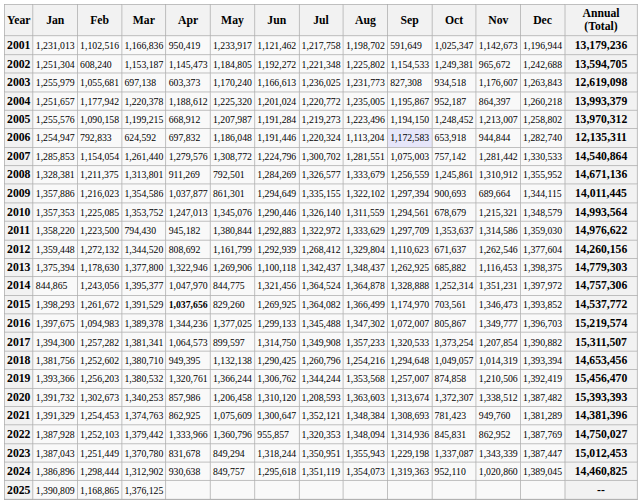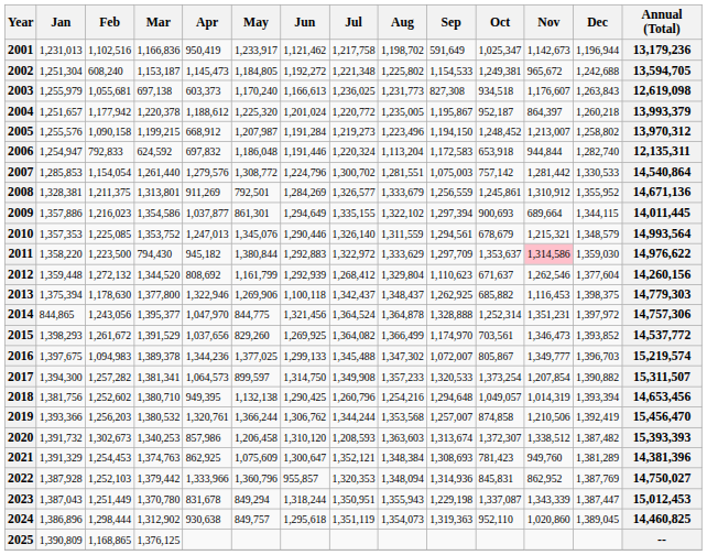 <table class="wikitable">
 <tr>
 <th>Year</th>
 <th>Jan</th>
 <th>Feb</th>
 <th>Mar</th>
 <th>Apr</th>
 <th>May</th>
 <th>Jun</th>
 <th>Jul</th>
 <th>Aug</th>
 <th>Sep</th>
 <th>Oct</th>
 <th>Nov</th>
 <th>Dec</th>
 <th>Annual (Total)</th>
 </tr>
 <tr>
 <th>2001</th>
 <td><small>1,231,013</small></td>
 <td><small>1,102,516</small></td>
 <td><small>1,166,836</small></td>
 <td><small>950,419</small></td>
 <td><small>1,233,917</small></td>
 <td><small>1,121,462</small></td>
 <td><small>1,217,758</small></td>
 <td><small>1,198,702</small></td>
 <td><small>591,649</small></td>
 <td><small>1,025,347</small></td>
 <td><small>1,142,673</small></td>
 <td><small>1,196,944</small></td>
 <th>13,179,236</th>
 </tr>
 <tr>
 <th>2002</th>
 <td><small>1,251,304</small></td>
 <td><small>608,240</small></td>
 <td><small>1,153,187</small></td>
 <td><small>1,145,473</small></td>
 <td><small>1,184,805</small></td>
 <td><small>1,192,272</small></td>
 <td><small>1,221,348</small></td>
 <td><small>1,225,802</small></td>
 <td><small>1,154,533</small></td>
 <td><small>1,249,381</small></td>
 <td><small>965,672</small></td>
 <td><small>1,242,688</small></td>
 <th>13,594,705</th>
 </tr>
 <tr>
 <th>2003</th>
 <td><small>1,255,979</small></td>
 <td><small>1,055,681</small></td>
 <td><small>697,138</small></td>
 <td><small>603,373</small></td>
 <td><small>1,170,240</small></td>
 <td><small>1,166,613</small></td>
 <td><small>1,236,025</small></td>
 <td><small>1,231,773</small></td>
 <td><small>827,308</small></td>
 <td><small>934,518</small></td>
 <td><small>1,176,607</small></td>
 <td><small>1,263,843</small></td>
 <th>12,619,098</th>
 </tr>
 <tr>
 <th>2004</th>
 <td><small>1,251,657</small></td>
 <td><small>1,177,942</small></td>
 <td><small>1,220,378</small></td>
 <td><small>1,188,612</small></td>
 <td><small>1,225,320</small></td>
 <td><small>1,201,024</small></td>
 <td><small>1,220,772</small></td>
 <td><small>1,235,005</small></td>
 <td><small>1,195,867</small></td>
 <td><small>952,187</small></td>
 <td><small>864,397</small></td>
 <td><small>1,260,218</small></td>
 <th>13,993,379</th>
 </tr>
 <tr>
 <th>2005</th>
 <td><small>1,255,576</small></td>
 <td><small>1,090,158</small></td>
 <td><small>1,199,215</small></td>
 <td><small>668,912</small></td>
 <td><small>1,207,987</small></td>
 <td><small>1,191,284</small></td>
 <td><small>1,219,273</small></td>
 <td><small>1,223,496</small></td>
 <td><small>1,194,150</small></td>
 <td><small>1,248,452</small></td>
 <td><small>1,213,007</small></td>
 <td><small>1,258,802</small></td>
 <th>13,970,312</th>
 </tr>
 <tr>
 <th>2006</th>
 <td><small>1,254,947</small></td>
 <td><small>792,833</small></td>
 <td><small>624,592</small></td>
 <td><small>697,832</small></td>
 <td><small>1,186,048</small></td>
 <td><small>1,191,446</small></td>
 <td><small>1,220,324</small></td>
 <td><small>1,113,204</small></td>
-<td style="background: lavender;"><small>1,172,583</small></td>
+<td><small>1,172,583</small></td>
 <td><small>653,918</small></td>
 <td><small>944,844</small></td>
 <td><small>1,282,740</small></td>
 <th>12,135,311</th>
 </tr>
 <tr>
 <th>2007</th>
 <td><small>1,285,853</small></td>
 <td><small>1,154,054</small></td>
 <td><small>1,261,440</small></td>
 <td><small>1,279,576</small></td>
 <td><small>1,308,772</small></td>
 <td><small>1,224,796</small></td>
 <td><small>1,300,702</small></td>
 <td><small>1,281,551</small></td>
 <td><small>1,075,003</small></td>
 <td><small>757,142</small></td>
 <td><small>1,281,442</small></td>
 <td><small>1,330,533</small></td>
 <th>14,540,864</th>
 </tr>
 <tr>
 <th>2008</th>
 <td><small>1,328,381</small></td>
 <td><small>1,211,375</small></td>
 <td><small>1,313,801</small></td>
 <td><small>911,269</small></td>
 <td><small>792,501</small></td>
 <td><small>1,284,269</small></td>
 <td><small>1,326,577</small></td>
 <td><small>1,333,679</small></td>
 <td><small>1,256,559</small></td>
 <td><small>1,245,861</small></td>
 <td><small>1,310,912</small></td>
 <td><small>1,355,952</small></td>
 <th>14,671,136</th>
 </tr>
 <tr>
 <th>2009</th>
 <td><small>1,357,886</small></td>
 <td><small>1,216,023</small></td>
 <td><small>1,354,586</small></td>
 <td><small>1,037,877</small></td>
 <td><small>861,301</small></td>
 <td><small>1,294,649</small></td>
 <td><small>1,335,155</small></td>
 <td><small>1,322,102</small></td>
 <td><small>1,297,394</small></td>
 <td><small>900,693</small></td>
 <td><small>689,664</small></td>
 <td><small>1,344,115</small></td>
 <th>14,011,445</th>
 </tr>
 <tr>
 <th>2010</th>
 <td><small>1,357,353</small></td>
 <td><small>1,225,085</small></td>
 <td><small>1,353,752</small></td>
 <td><small>1,247,013</small></td>
 <td><small>1,345,076</small></td>
 <td><small>1,290,446</small></td>
 <td><small>1,326,140</small></td>
 <td><small>1,311,559</small></td>
 <td><small>1,294,561</small></td>
 <td><small>678,679</small></td>
 <td><small>1,215,321</small></td>
 <td><small>1,348,579</small></td>
 <th>14,993,564</th>
 </tr>
 <tr>
 <th>2011</th>
 <td><small>1,358,220</small></td>
 <td><small>1,223,500</small></td>
 <td><small>794,430</small></td>
 <td><small>945,182</small></td>
 <td><small>1,380,844</small></td>
 <td><small>1,292,883</small></td>
 <td><small>1,322,972</small></td>
 <td><small>1,333,629</small></td>
 <td><small>1,297,709</small></td>
 <td><small>1,353,637</small></td>
-<td><small>1,314,586</small></td>
+<td style="background: pink;"><small>1,314,586</small></td>
 <td><small>1,359,030</small></td>
 <th>14,976,622</th>
 </tr>
 <tr>
 <th>2012</th>
 <td><small>1,359,448</small></td>
 <td><small>1,272,132</small></td>
 <td><small>1,344,520</small></td>
 <td><small>808,692</small></td>
 <td><small>1,161,799</small></td>
 <td><small>1,292,939</small></td>
 <td><small>1,268,412</small></td>
 <td><small>1,329,804</small></td>
 <td><small>1,110,623</small></td>
 <td><small>671,637</small></td>
 <td><small>1,262,546</small></td>
 <td><small>1,377,604</small></td>
 <th>14,260,156</th>
 </tr>
 <tr>
 <th>2013</th>
 <td><small>1,375,394</small></td>
 <td><small>1,178,630</small></td>
 <td><small>1,377,800</small></td>
 <td><small>1,322,946</small></td>
 <td><small>1,269,906</small></td>
 <td><small>1,100,118</small></td>
 <td><small>1,342,437</small></td>
 <td><small>1,348,437</small></td>
 <td><small>1,262,925</small></td>
 <td><small>685,882</small></td>
 <td><small>1,116,453</small></td>
 <td><small>1,398,375</small></td>
 <th>14,779,303</th>
 </tr>
 <tr>
 <th>2014</th>
 <td><small>844,865</small></td>
 <td><small>1,243,056</small></td>
 <td><small>1,395,377</small></td>
 <td><small>1,047,970</small></td>
 <td><small>844,775</small></td>
 <td><small>1,321,456</small></td>
 <td><small>1,364,524</small></td>
 <td><small>1,364,878</small></td>
 <td><small>1,328,888</small></td>
 <td><small>1,252,314</small></td>
 <td><small>1,351,231</small></td>
 <td><small>1,397,972</small></td>
 <th>14,757,306</th>
 </tr>
 <tr>
 <th>2015</th>
 <td><small>1,398,293</small></td>
 <td><small>1,261,672</small></td>
 <td><small>1,391,529</small></td>
-<td><strong><small>1,037,656</small></strong></td>
+<td><small>1,037,656</small></td>
 <td><small>829,260</small></td>
 <td><small>1,269,925</small></td>
 <td><small>1,364,082</small></td>
 <td><small>1,366,499</small></td>
 <td><small>1,174,970</small></td>
 <td><small>703,561</small></td>
 <td><small>1,346,473</small></td>
 <td><small>1,393,852</small></td>
 <th>14,537,772</th>
 </tr>
 <tr>
 <th>2016</th>
 <td><small>1,397,675</small></td>
 <td><small>1,094,983</small></td>
 <td><small>1,389,378</small></td>
 <td><small>1,344,236</small></td>
 <td><small>1,377,025</small></td>
 <td><small>1,299,133</small></td>
 <td><small>1,345,488</small></td>
 <td><small>1,347,302</small></td>
 <td><small>1,072,007</small></td>
 <td><small>805,867</small></td>
 <td><small>1,349,777</small></td>
 <td><small>1,396,703</small></td>
 <th>15,219,574</th>
 </tr>
 <tr>
 <th>2017</th>
 <td><small>1,394,300</small></td>
 <td><small>1,257,282</small></td>
 <td><small>1,381,341</small></td>
 <td><small>1,064,573</small></td>
 <td><small>899,597</small></td>
 <td><small>1,314,750</small></td>
 <td><small>1,349,908</small></td>
 <td><small>1,357,233</small></td>
 <td><small>1,320,533</small></td>
 <td><small>1,373,254</small></td>
 <td><small>1,207,854</small></td>
 <td><small>1,390,882</small></td>
 <th>15,311,507</th>
 </tr>
 <tr>
 <th>2018</th>
 <td><small>1,381,756</small></td>
 <td><small>1,252,602</small></td>
 <td><small>1,380,710</small></td>
 <td><small>949,395</small></td>
 <td><small>1,132,138</small></td>
 <td><small>1,290,425</small></td>
 <td><small>1,260,796</small></td>
 <td><small>1,254,216</small></td>
 <td><small>1,294,648</small></td>
 <td><small>1,049,057</small></td>
 <td><small>1,014,319</small></td>
 <td><small>1,393,394</small></td>
 <th>14,653,456</th>
 </tr>
 <tr>
 <th>2019</th>
 <td><small>1,393,366</small></td>
 <td><small>1,256,203</small></td>
 <td><small>1,380,532</small></td>
 <td><small>1,320,761</small></td>
 <td><small>1,366,244</small></td>
 <td><small>1,306,762</small></td>
 <td><small>1,344,244</small></td>
 <td><small>1,353,568</small></td>
 <td><small>1,257,007</small></td>
 <td><small>874,858</small></td>
 <td><small>1,210,506</small></td>
 <td><small>1,392,419</small></td>
 <th>15,456,470</th>
 </tr>
 <tr>
 <th>2020</th>
 <td><small>1,391,732</small></td>
 <td><small>1,302,673</small></td>
 <td><small>1,340,253</small></td>
 <td><small>857,986</small></td>
 <td><small>1,206,458</small></td>
 <td><small>1,310,120</small></td>
 <td><small>1,208,593</small></td>
 <td><small>1,363,603</small></td>
 <td><small>1,313,674</small></td>
 <td><small>1,372,307</small></td>
 <td><small>1,338,512</small></td>
 <td><small>1,387,482</small></td>
 <th>15,393,393</th>
 </tr>
 <tr>
 <th>2021</th>
 <td><small>1,391,329</small></td>
 <td><small>1,254,453</small></td>
 <td><small>1,374,763</small></td>
 <td><small>862,925</small></td>
 <td><small>1,075,609</small></td>
 <td><small>1,300,647</small></td>
 <td><small>1,352,121</small></td>
 <td><small>1,348,384</small></td>
 <td><small>1,308,693</small></td>
 <td><small>781,423</small></td>
 <td><small>949,760</small></td>
 <td><small>1,381,289</small></td>
 <th>14,381,396</th>
 </tr>
 <tr>
 <th>2022</th>
 <td><small>1,387,928</small></td>
 <td><small>1,252,103</small></td>
 <td><small>1,379,442</small></td>
 <td><small>1,333,966</small></td>
 <td><small>1,360,796</small></td>
 <td><small>955,857</small></td>
 <td><small>1,320,353</small></td>
 <td><small>1,348,094</small></td>
 <td><small>1,314,936</small></td>
 <td><small>845,831</small></td>
 <td><small>862,952</small></td>
 <td><small>1,387,769</small></td>
 <th>14,750,027</th>
 </tr>
 <tr>
 <th>2023</th>
 <td><small>1,387,043</small></td>
 <td><small>1,251,449</small></td>
 <td><small>1,370,780</small></td>
 <td><small>831,678</small></td>
 <td><small>849,294</small></td>
 <td><small>1,318,244</small></td>
 <td><small>1,350,951</small></td>
 <td><small>1,355,943</small></td>
 <td><small>1,229,198</small></td>
 <td><small>1,337,087</small></td>
 <td><small>1,343,339</small></td>
 <td><small>1,387,447</small></td>
 <th>15,012,453</th>
 </tr>
 <tr>
 <th>2024</th>
 <td><small>1,386,896</small></td>
 <td><small>1,298,444</small></td>
 <td><small>1,312,902</small></td>
 <td><small>930,638</small></td>
 <td><small>849,757</small></td>
 <td><small>1,295,618</small></td>
 <td><small>1,351,119</small></td>
 <td><small>1,354,073</small></td>
 <td><small>1,319,363</small></td>
 <td><small>952,110</small></td>
 <td><small>1,020,860</small></td>
 <td><small>1,389,045</small></td>
 <th>14,460,825</th>
 </tr>
 <tr>
 <th>2025</th>
 <td><small>1,390,809</small></td>
 <td><small>1,168,865</small></td>
 <td><small>1,376,125</small></td>
 <td><small></small></td>
 <td><small></small></td>
 <td><small></small></td>
 <td><small></small></td>
 <td><small></small></td>
 <td><small></small></td>
 <td><small></small></td>
 <td><small></small></td>
 <td><small></small></td>
 <th>--</th>
 </tr>
 <tr>
 </tr>
 </table>
